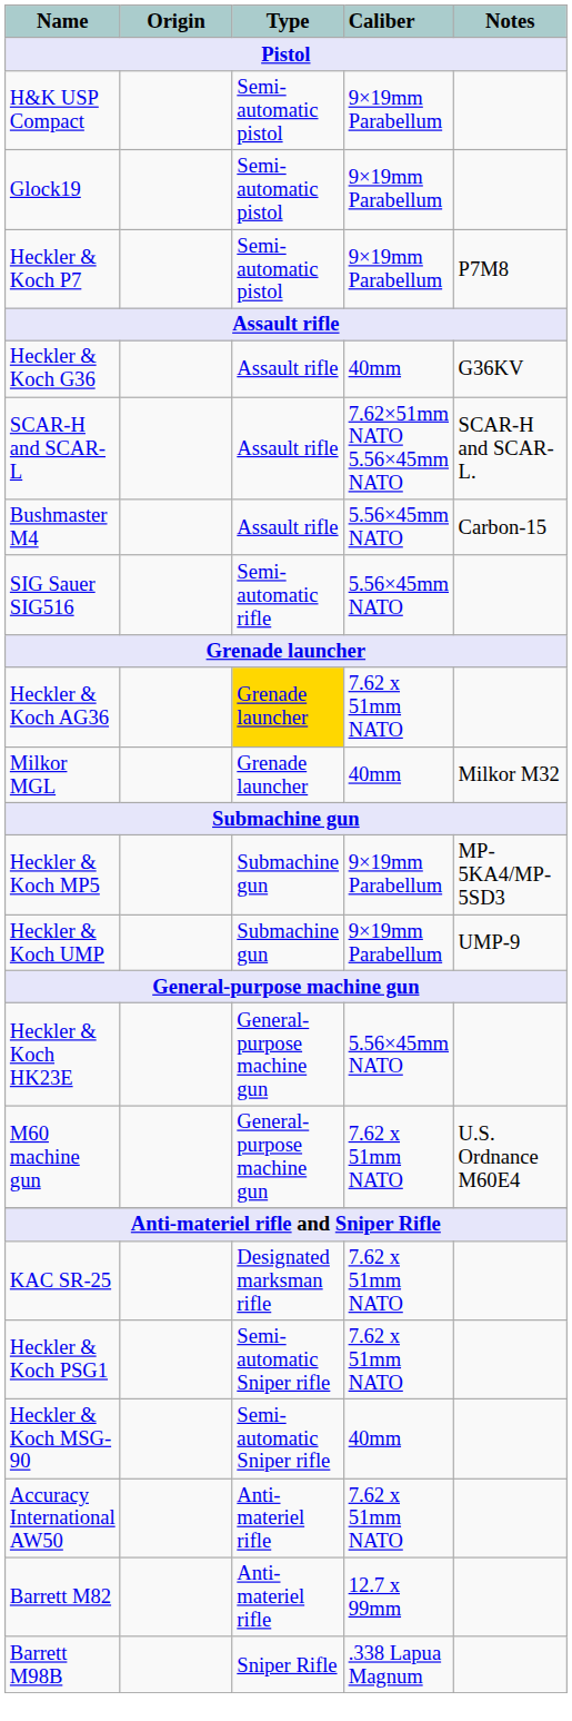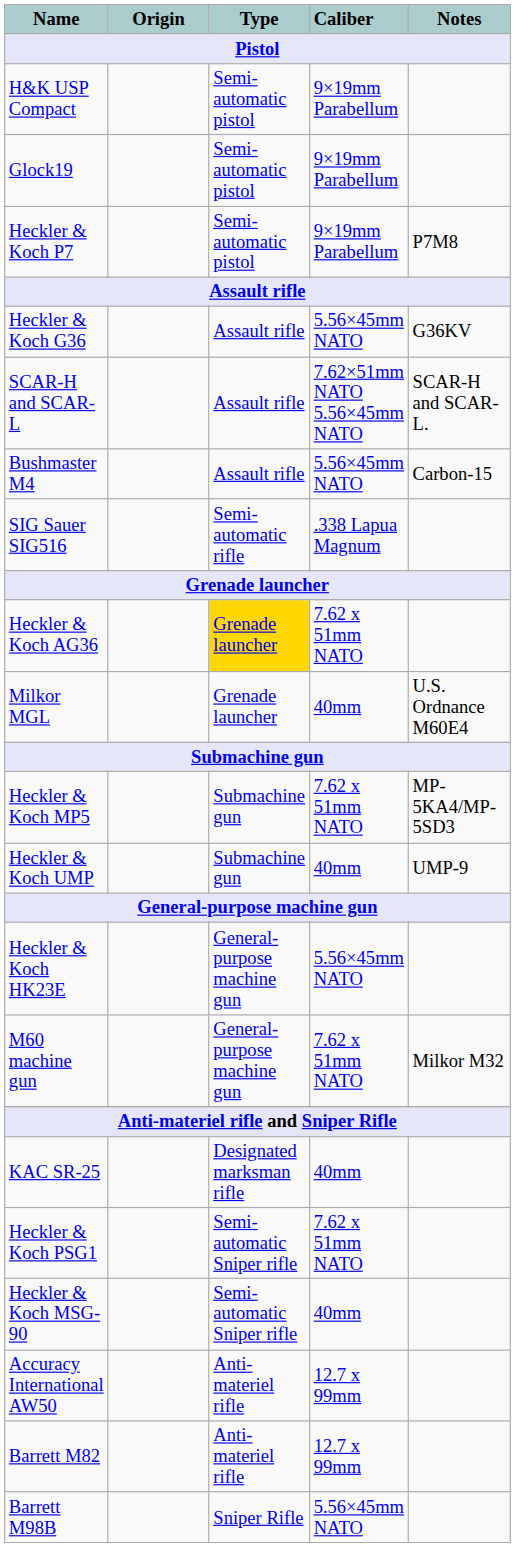 <table class="wikitable";" width="70%">
 <tr>
 <th style="text-align:center; background:#acc;"width="18%">Name</th>
 <th style="text-align: center; background:#acc;"width="20%">Origin</th>
 <th style="text-align:l center; background:#acc;"width="18%">Type</th>
 <th style="text-align:left; background:#acc;"width="18%">Caliber</th>
 <th style="text-align: center; background:#acc;">Notes</th>
 </tr>
 <tr>
 <th style="align: center; background: lavender;" colspan="7"><a href='#'>Pistol</a></th>
 </tr>
 <tr>
 <td><a href='#'>H&K USP Compact</a></td>
 <td></td>
 <td><a href='#'>Semi-automatic pistol</a></td>
 <td><a href='#'>9×19mm Parabellum</a></td>
 <td></td>
 </tr>
 <tr>
 <td><a href='#'>Glock19</a></td>
 <td></td>
 <td><a href='#'>Semi-automatic pistol</a></td>
 <td><a href='#'>9×19mm Parabellum</a></td>
 <td></td>
 </tr>
 <tr>
 <td><a href='#'>Heckler & Koch P7</a></td>
 <td></td>
 <td><a href='#'>Semi-automatic pistol</a></td>
 <td><a href='#'>9×19mm Parabellum</a></td>
 <td>P7M8</td>
 </tr>
 <tr>
 <th style="align: center; background: lavender;" colspan="7"><a href='#'>Assault rifle</a></th>
 </tr>
 <tr>
 <td><a href='#'>Heckler & Koch G36</a></td>
 <td></td>
 <td><a href='#'>Assault rifle</a></td>
-<td><a href='#'>40mm</a></td>
+<td><a href='#'>5.56×45mm NATO</a></td>
 <td>G36KV</td>
 </tr>
 <tr>
 <td><a href='#'>SCAR-H and SCAR-L</a></td>
 <td></td>
 <td><a href='#'>Assault rifle</a></td>
 <td><a href='#'>7.62×51mm NATO</a> <a href='#'>5.56×45mm NATO</a></td>
 <td>SCAR-H and SCAR-L.</td>
 </tr>
 <tr>
 <td><a href='#'>Bushmaster M4</a></td>
 <td></td>
 <td><a href='#'>Assault rifle</a></td>
 <td><a href='#'>5.56×45mm NATO</a></td>
 <td>Carbon-15 </td>
 </tr>
 <tr>
 <td><a href='#'>SIG Sauer SIG516</a></td>
 <td></td>
 <td><a href='#'>Semi-automatic rifle</a></td>
-<td><a href='#'>5.56×45mm NATO</a></td>
+<td><a href='#'>.338 Lapua Magnum</a></td>
 <td></td>
 </tr>
 <tr>
 <th style="align: center; background: lavender;" colspan="7"><a href='#'>Grenade launcher</a></th>
 </tr>
 <tr>
 <td><a href='#'>Heckler & Koch AG36</a></td>
 <td></td>
 <td style="background: gold;"><a href='#'>Grenade launcher</a></td>
 <td><a href='#'>7.62 x 51mm NATO</a></td>
 <td></td>
 </tr>
 <tr>
 <td><a href='#'>Milkor MGL</a></td>
 <td></td>
 <td><a href='#'>Grenade launcher</a></td>
 <td><a href='#'>40mm</a></td>
-<td>Milkor M32</td>
+<td>U.S. Ordnance M60E4 </td>
 </tr>
 <tr>
 <th style="align: center; background: lavender;" colspan="7"><a href='#'>Submachine gun</a></th>
 </tr>
 <tr>
 <td><a href='#'>Heckler & Koch MP5</a></td>
 <td></td>
 <td><a href='#'>Submachine gun</a></td>
-<td><a href='#'>9×19mm Parabellum</a></td>
+<td><a href='#'>7.62 x 51mm NATO</a></td>
 <td>MP-5KA4/MP-5SD3 </td>
 </tr>
 <tr>
 <td><a href='#'>Heckler & Koch UMP</a></td>
 <td></td>
 <td><a href='#'>Submachine gun</a></td>
-<td><a href='#'>9×19mm Parabellum</a></td>
+<td><a href='#'>40mm</a></td>
 <td>UMP-9  </td>
 </tr>
 <tr>
 <th style="align: center; background: lavender;" colspan="7"><a href='#'>General-purpose machine gun</a></th>
 </tr>
 <tr>
 <td><a href='#'>Heckler & Koch HK23E</a></td>
 <td></td>
 <td><a href='#'>General-purpose machine gun</a></td>
 <td><a href='#'>5.56×45mm NATO</a></td>
 <td></td>
 </tr>
 <tr>
 <td><a href='#'>M60 machine gun</a></td>
 <td></td>
 <td><a href='#'>General-purpose machine gun</a></td>
 <td><a href='#'>7.62 x 51mm NATO</a></td>
-<td>U.S. Ordnance M60E4 </td>
+<td>Milkor M32</td>
 </tr>
 <tr>
 </tr>
 <tr>
 <th style="align: center; background: lavender;" colspan="7"><a href='#'>Anti-materiel rifle</a> and <a href='#'>Sniper Rifle</a></th>
 </tr>
 <tr>
 <td><a href='#'>KAC SR-25</a></td>
 <td></td>
 <td><a href='#'>Designated marksman rifle</a></td>
-<td><a href='#'>7.62 x 51mm NATO</a></td>
+<td><a href='#'>40mm</a></td>
 <td></td>
 </tr>
 <tr>
 <td><a href='#'>Heckler & Koch PSG1</a></td>
 <td></td>
 <td><a href='#'>Semi-automatic</a><br><a href='#'>Sniper rifle</a></td>
 <td><a href='#'>7.62 x 51mm NATO</a></td>
 <td></td>
 </tr>
 <tr>
 <td><a href='#'>Heckler & Koch MSG-90</a></td>
 <td></td>
 <td><a href='#'>Semi-automatic</a><br><a href='#'>Sniper rifle</a></td>
 <td><a href='#'>40mm</a></td>
 <td></td>
 </tr>
 <tr>
 <td><a href='#'>Accuracy International AW50</a></td>
 <td></td>
 <td><a href='#'>Anti-materiel rifle</a></td>
-<td><a href='#'>7.62 x 51mm NATO</a></td>
+<td><a href='#'>12.7 x 99mm</a></td>
 <td></td>
 </tr>
 <tr>
 <td><a href='#'>Barrett M82</a></td>
 <td></td>
 <td><a href='#'>Anti-materiel rifle</a></td>
 <td><a href='#'>12.7 x 99mm</a></td>
 <td></td>
 </tr>
 <tr>
 <td><a href='#'>Barrett M98B</a></td>
 <td></td>
 <td><a href='#'>Sniper Rifle</a></td>
-<td><a href='#'>.338 Lapua Magnum</a></td>
+<td><a href='#'>5.56×45mm NATO</a></td>
 <td></td>
 </tr>
 <tr>
 </tr>
 </table>
